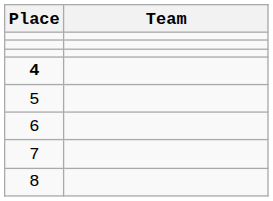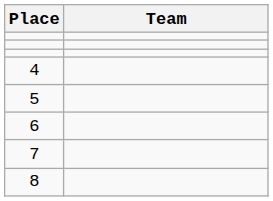 <table class="wikitable" style="text-align:center;">
 <tr>
 <th width=30>Place</th>
 <th width=150>Team</th>
 </tr>
 <tr>
 <td></td>
 <td align="left"></td>
 </tr>
 <tr>
 <td></td>
 <td align="left"></td>
 </tr>
 <tr>
 <td></td>
 <td align="left"></td>
 </tr>
 <tr>
-<td><strong>4</strong></td>
+<td>4</td>
 <td align="left"></td>
 </tr>
 <tr>
 <td>5</td>
 <td align="left"></td>
 </tr>
 <tr>
 <td>6</td>
 <td align="left"></td>
 </tr>
 <tr>
 <td>7</td>
 <td align="left"></td>
 </tr>
 <tr>
 <td>8</td>
 <td align="left"></td>
 </tr>
 </table>
